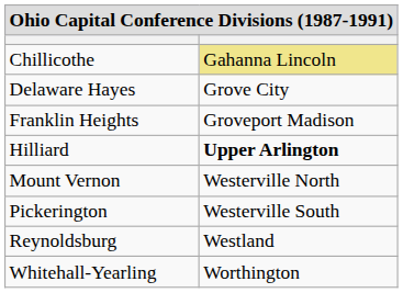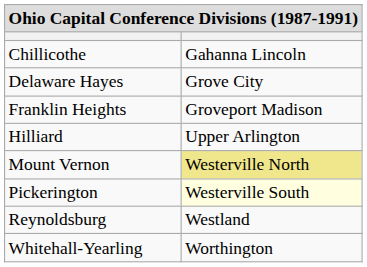 <table class="wikitable">
 <tr style="background:#ccf;">
 <th colspan="4" style="background:#ddd;">Ohio Capital Conference Divisions (1987-1991)</th>
 </tr>
 <tr>
 <th></th>
 <th></th>
 </tr>
 <tr>
 <td>Chillicothe</td>
-<td style="background: khaki;">Gahanna Lincoln</td>
+<td>Gahanna Lincoln</td>
 </tr>
 <tr>
 <td>Delaware Hayes</td>
 <td>Grove City</td>
 </tr>
 <tr>
 <td>Franklin Heights</td>
 <td>Groveport Madison</td>
 </tr>
 <tr>
 <td>Hilliard</td>
-<td><strong>Upper Arlington</strong></td>
+<td>Upper Arlington</td>
 </tr>
 <tr>
 <td>Mount Vernon</td>
-<td>Westerville North</td>
+<td style="background: khaki;">Westerville North</td>
 </tr>
 <tr>
 <td>Pickerington</td>
-<td>Westerville South</td>
+<td style="background: lightyellow;">Westerville South</td>
 </tr>
 <tr>
 <td>Reynoldsburg</td>
 <td>Westland</td>
 </tr>
 <tr>
 <td>Whitehall-Yearling</td>
 <td>Worthington</td>
 </tr>
 </table>
